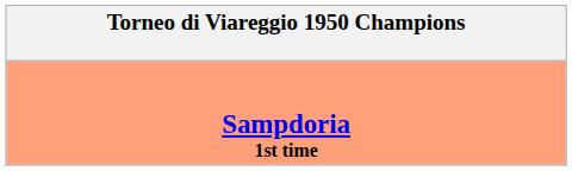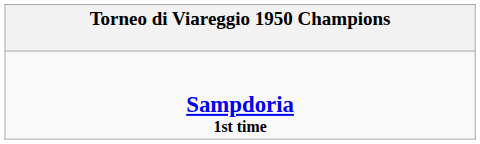 <table class="wikitable" style="margin: 0 auto; width: 30%;">
 <tr>
 <th><big>Torneo di Viareggio 1950 Champions</big><br><br></th>
 </tr>
 <tr>
-<td align=center style="background: lightsalmon;"><br><br><big><big><strong><a href='#'>Sampdoria</a></strong><br></big></big><strong>1st time</strong></td>
+<td align=center><br><br><big><big><strong><a href='#'>Sampdoria</a></strong><br></big></big><strong>1st time</strong></td>
 </tr>
 </table>
